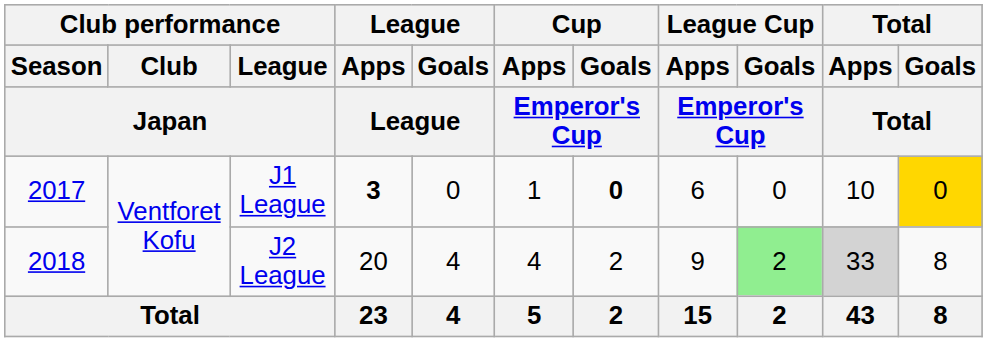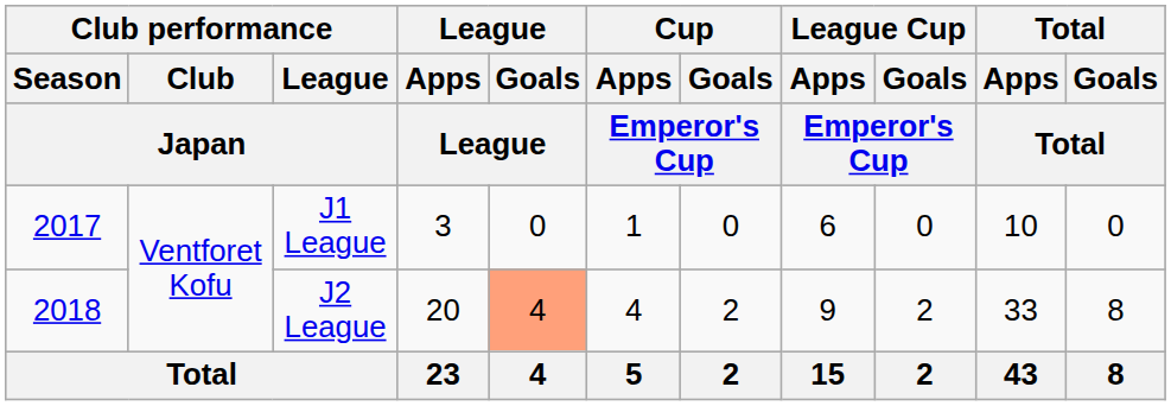 <table class="wikitable" style="text-align:center;">
 <tr>
 <th colspan=3>Club performance</th>
 <th colspan=2>League</th>
 <th colspan=2>Cup</th>
 <th colspan=2>League Cup</th>
 <th colspan=2>Total</th>
 </tr>
 <tr>
 <th>Season</th>
 <th>Club</th>
 <th>League</th>
 <th>Apps</th>
 <th>Goals</th>
 <th>Apps</th>
 <th>Goals</th>
 <th>Apps</th>
 <th>Goals</th>
 <th>Apps</th>
 <th>Goals</th>
 </tr>
 <tr>
 <th colspan=3>Japan</th>
 <th colspan=2>League</th>
 <th colspan=2><a href='#'>Emperor's Cup</a></th>
 <th colspan=2><a href='#'>Emperor's Cup</a></th>
 <th colspan=2>Total</th>
 </tr>
 <tr>
 <td><a href='#'>2017</a></td>
 <td rowspan="2"><a href='#'>Ventforet Kofu</a></td>
 <td><a href='#'>J1 League</a></td>
-<td><strong>3</strong></td>
+<td>3</td>
 <td>0</td>
 <td>1</td>
-<td><strong>0</strong></td>
+<td>0</td>
 <td>6</td>
 <td>0</td>
 <td>10</td>
-<td style="background: gold;">0</td>
+<td>0</td>
 </tr>
 <tr>
 <td><a href='#'>2018</a></td>
 <td rowspan=1><a href='#'>J2 League</a></td>
 <td>20</td>
-<td>4</td>
+<td style="background: lightsalmon;">4</td>
 <td>4</td>
 <td>2</td>
 <td>9</td>
-<td style="background: lightgreen;">2</td>
-<td style="background: lightgrey;">33</td>
+<td>2</td>
+<td>33</td>
 <td>8</td>
 </tr>
 <tr>
 <th colspan=3>Total</th>
 <th>23</th>
 <th>4</th>
 <th>5</th>
 <th>2</th>
 <th>15</th>
 <th>2</th>
 <th>43</th>
 <th>8</th>
 </tr>
 </table>
